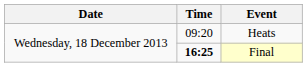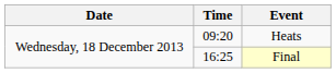 <table class = "wikitable" style="text-align:center;">
 <tr>
 <th width=220>Date</th>
 <th width=50>Time</th>
 <th width=100>Event</th>
 </tr>
 <tr>
 <td rowspan=2>Wednesday, 18 December 2013</td>
 <td>09:20</td>
 <td>Heats</td>
 </tr>
 <tr>
-<td><strong>16:25</strong></td>
+<td>16:25</td>
 <td bgcolor=ffffcc>Final</td>
 </tr>
 </table>
